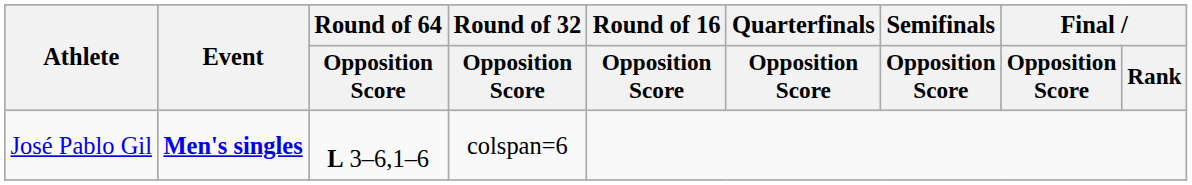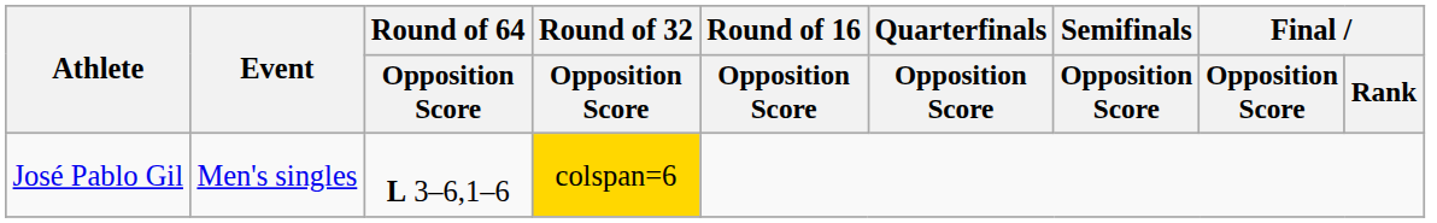 <table class=wikitable style="font-size:90%">
 <tr>
 <th rowspan="2">Athlete</th>
 <th rowspan="2">Event</th>
 <th>Round of 64</th>
 <th>Round of 32</th>
 <th>Round of 16</th>
 <th>Quarterfinals</th>
 <th>Semifinals</th>
 <th colspan=2>Final / </th>
 </tr>
 <tr style="font-size:95%">
 <th>Opposition<br>Score</th>
 <th>Opposition<br>Score</th>
 <th>Opposition<br>Score</th>
 <th>Opposition<br>Score</th>
 <th>Opposition<br>Score</th>
 <th>Opposition<br>Score</th>
 <th>Rank</th>
 </tr>
 <tr align=center>
 <td align=left><a href='#'>José Pablo Gil</a></td>
-<td align=left><strong><a href='#'>Men's singles</a></strong></td>
+<td align=left><a href='#'>Men's singles</a></td>
 <td><br><strong>L</strong> 3–6,1–6</td>
-<td>colspan=6 </td>
+<td style="background: gold;">colspan=6 </td>
 </tr>
 </table>
